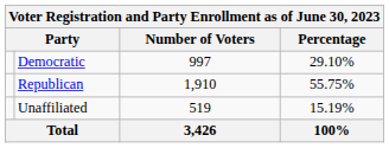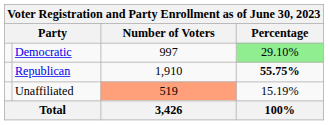 <table class=wikitable>
 <tr>
 <th colspan = 6>Voter Registration and Party Enrollment as of June 30, 2023</th>
 </tr>
 <tr>
 <th colspan = 2>Party</th>
 <th>Number of Voters</th>
 <th>Percentage</th>
 </tr>
 <tr>
 <td></td>
 <td><a href='#'>Democratic</a></td>
 <td align = center>997</td>
-<td align = center>29.10%</td>
+<td align = center style="background: lightgreen;">29.10%</td>
 </tr>
 <tr>
 <td></td>
 <td><a href='#'>Republican</a></td>
 <td align = center>1,910</td>
-<td align = center>55.75%</td>
+<td align = center><strong>55.75%</strong></td>
 </tr>
 <tr>
 <td></td>
 <td>Unaffiliated</td>
-<td align = center>519</td>
+<td align = center style="background: lightsalmon;">519</td>
 <td align = center>15.19%</td>
 </tr>
 <tr>
 <th colspan = 2>Total</th>
 <th align = center>3,426</th>
 <th align = center>100%</th>
 </tr>
 </table>
